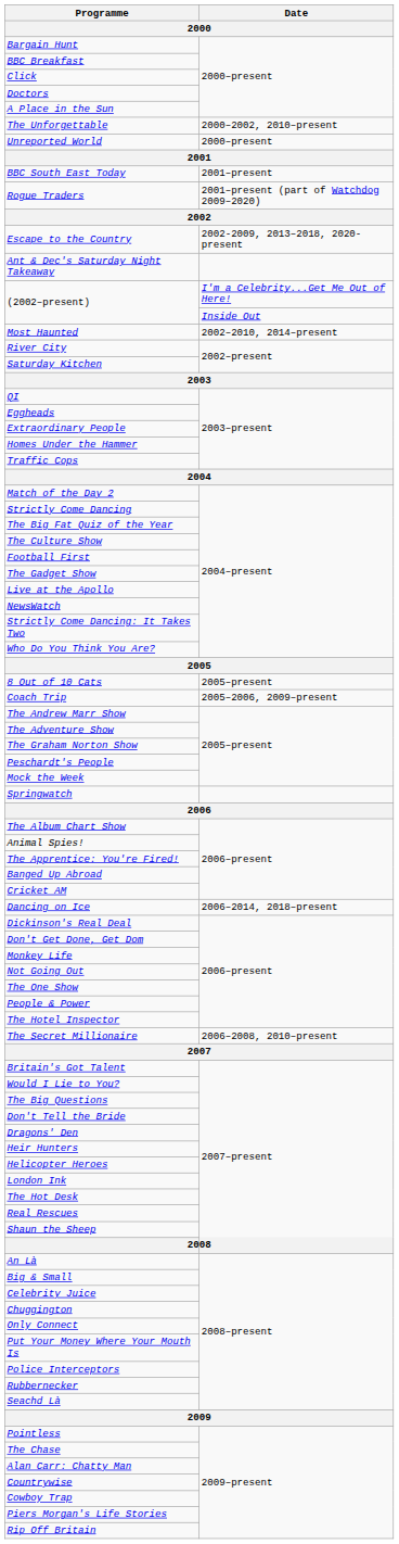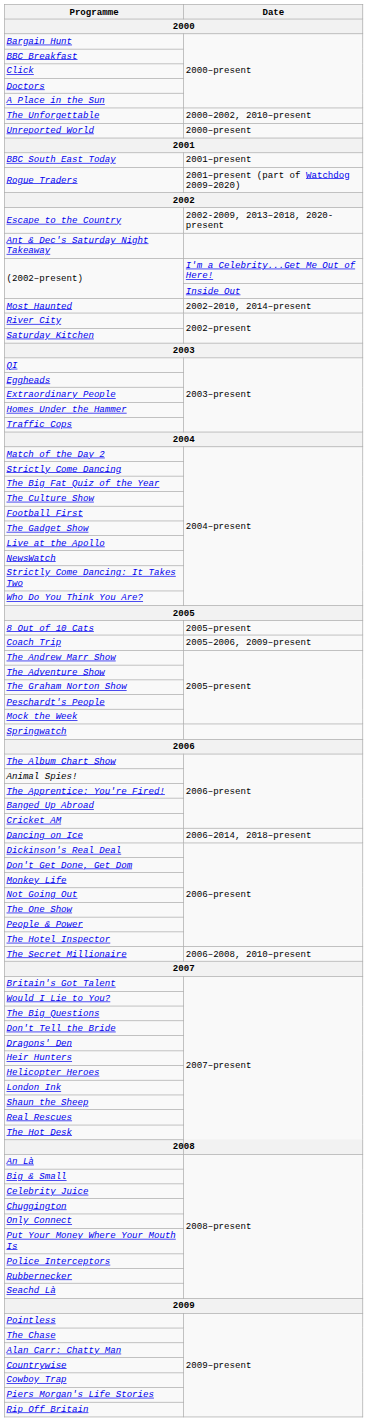 <table class="wikitable">
 <tr>
 <th width=250>Programme</th>
 <th width=250>Date</th>
 </tr>
 <tr>
 <th colspan=2>2000</th>
 </tr>
 <tr>
 <td><em><a href='#'>Bargain Hunt</a></em></td>
 <td rowspan="5">2000–present</td>
 </tr>
 <tr>
 <td><em><a href='#'>BBC Breakfast</a></em></td>
 </tr>
 <tr>
 <td><em><a href='#'>Click</a></em></td>
 </tr>
 <tr>
 <td><em><a href='#'>Doctors</a></em></td>
 </tr>
 <tr>
 <td><em><a href='#'>A Place in the Sun</a></em></td>
 </tr>
 <tr>
 <td><em><a href='#'>The Unforgettable</a></em></td>
 <td>2000–2002, 2010–present</td>
 </tr>
 <tr>
 <td><em><a href='#'>Unreported World</a></em></td>
 <td>2000–present</td>
 </tr>
 <tr>
 <th colspan=2>2001</th>
 </tr>
 <tr>
 <td><em><a href='#'>BBC South East Today</a></em></td>
 <td>2001–present</td>
 </tr>
 <tr>
 <td><em><a href='#'>Rogue Traders</a></em></td>
 <td>2001–present (part of <a href='#'>Watchdog</a> 2009–2020)</td>
 </tr>
 <tr>
 <th colspan=2>2002</th>
 </tr>
 <tr>
 <td><em><a href='#'>Escape to the Country</a></em></td>
 <td>2002-2009, 2013–2018, 2020-present</td>
 </tr>
 <tr>
 <td><em><a href='#'>Ant & Dec's Saturday Night Takeaway</a></em></td>
 </tr>
 <tr>
 <td rowspan="2">(2002–present)</td>
 <td><em><a href='#'>I'm a Celebrity...Get Me Out of Here!</a></em></td>
 </tr>
 <tr>
 <td><em><a href='#'>Inside Out</a></em></td>
 </tr>
 <tr>
 <td><em><a href='#'>Most Haunted</a></em></td>
 <td>2002–2010, 2014–present</td>
 </tr>
 <tr>
 <td><em><a href='#'>River City</a></em></td>
 <td rowspan="2">2002–present</td>
 </tr>
 <tr>
 <td><em><a href='#'>Saturday Kitchen</a></em></td>
 </tr>
 <tr>
 <th colspan=2>2003</th>
 </tr>
 <tr>
 <td><em><a href='#'>QI</a></em></td>
 <td rowspan="5">2003–present</td>
 </tr>
 <tr>
 <td><em><a href='#'>Eggheads</a></em></td>
 </tr>
 <tr>
 <td><em><a href='#'>Extraordinary People</a></em></td>
 </tr>
 <tr>
 <td><em><a href='#'>Homes Under the Hammer</a></em></td>
 </tr>
 <tr>
 <td><em><a href='#'>Traffic Cops</a></em></td>
 </tr>
 <tr>
 <th colspan=2>2004</th>
 </tr>
 <tr>
 <td><em><a href='#'>Match of the Day 2</a></em></td>
 <td rowspan="10">2004–present</td>
 </tr>
 <tr>
 <td><em><a href='#'>Strictly Come Dancing</a></em></td>
 </tr>
 <tr>
 <td><em><a href='#'>The Big Fat Quiz of the Year</a></em></td>
 </tr>
 <tr>
 <td><em><a href='#'>The Culture Show</a></em></td>
 </tr>
 <tr>
 <td><em><a href='#'>Football First</a></em></td>
 </tr>
 <tr>
 <td><em><a href='#'>The Gadget Show</a></em></td>
 </tr>
 <tr>
 <td><em><a href='#'>Live at the Apollo</a></em></td>
 </tr>
 <tr>
 <td><em><a href='#'>NewsWatch</a></em></td>
 </tr>
 <tr>
 <td><em><a href='#'>Strictly Come Dancing: It Takes Two</a></em></td>
 </tr>
 <tr>
 <td><em><a href='#'>Who Do You Think You Are?</a></em></td>
 </tr>
 <tr>
 <th colspan=2>2005</th>
 </tr>
 <tr>
 <td><em><a href='#'>8 Out of 10 Cats</a></em></td>
 <td>2005–present</td>
 </tr>
 <tr>
 <td><em><a href='#'>Coach Trip</a></em></td>
 <td>2005–2006, 2009–present</td>
 </tr>
 <tr>
 <td><em><a href='#'>The Andrew Marr Show</a></em></td>
 <td rowspan="5">2005–present</td>
 </tr>
 <tr>
 <td><em><a href='#'>The Adventure Show</a></em></td>
 </tr>
 <tr>
 <td><em><a href='#'>The Graham Norton Show</a></em></td>
 </tr>
 <tr>
 <td><em><a href='#'>Peschardt's People</a></em></td>
 </tr>
 <tr>
 <td><em><a href='#'>Mock the Week</a></em></td>
 </tr>
 <tr>
 <td><em><a href='#'>Springwatch</a></em></td>
 </tr>
 <tr>
 <th colspan=2>2006</th>
 </tr>
 <tr>
 <td><em><a href='#'>The Album Chart Show</a></em></td>
 <td rowspan="5">2006–present</td>
 </tr>
 <tr>
 <td><em>Animal Spies!</em></td>
 </tr>
 <tr>
 <td><em><a href='#'>The Apprentice: You're Fired!</a></em></td>
 </tr>
 <tr>
 <td><em><a href='#'>Banged Up Abroad</a></em></td>
 </tr>
 <tr>
 <td><em><a href='#'>Cricket AM</a></em></td>
 </tr>
 <tr>
 <td><em><a href='#'>Dancing on Ice</a></em></td>
 <td>2006–2014, 2018–present</td>
 </tr>
 <tr>
 <td><em><a href='#'>Dickinson's Real Deal</a></em></td>
 <td rowspan="7">2006–present</td>
 </tr>
 <tr>
 <td><em><a href='#'>Don't Get Done, Get Dom</a></em></td>
 </tr>
 <tr>
 <td><em><a href='#'>Monkey Life</a></em></td>
 </tr>
 <tr>
 <td><em><a href='#'>Not Going Out</a></em></td>
 </tr>
 <tr>
 <td><em><a href='#'>The One Show</a></em></td>
 </tr>
 <tr>
 <td><em><a href='#'>People & Power</a></em></td>
 </tr>
 <tr>
 <td><em><a href='#'>The Hotel Inspector</a></em></td>
 </tr>
 <tr>
 <td><em><a href='#'>The Secret Millionaire</a></em></td>
 <td>2006–2008, 2010–present</td>
 </tr>
 <tr>
 <th colspan=2>2007</th>
 </tr>
 <tr>
 <td><em><a href='#'>Britain's Got Talent</a></em></td>
 <td rowspan="12">2007–present</td>
 </tr>
 <tr>
 <td><em><a href='#'>Would I Lie to You?</a></em></td>
 </tr>
 <tr>
 <td><em><a href='#'>The Big Questions</a></em></td>
 </tr>
 <tr>
 <td><em><a href='#'>Don't Tell the Bride</a></em></td>
 </tr>
 <tr>
 <td><em><a href='#'>Dragons' Den</a></em></td>
 </tr>
 <tr>
 <td><em><a href='#'>Heir Hunters</a></em></td>
 </tr>
 <tr>
 <td><em><a href='#'>Helicopter Heroes</a></em></td>
 </tr>
 <tr>
 <td><em><a href='#'>London Ink</a></em></td>
 </tr>
 <tr>
-<td><em><a href='#'>The Hot Desk</a></em></td>
+<td><em><a href='#'>Shaun the Sheep</a></em></td>
 </tr>
 <tr>
 <td><em><a href='#'>Real Rescues</a></em></td>
 </tr>
 <tr>
-<td><em><a href='#'>Shaun the Sheep</a></em></td>
+<td><em><a href='#'>The Hot Desk</a></em></td>
 </tr>
 <tr>
 <th colspan=2>2008</th>
 </tr>
 <tr>
 <td><em><a href='#'>An Là</a></em></td>
 <td rowspan="9">2008–present</td>
 </tr>
 <tr>
 <td><em><a href='#'>Big & Small</a></em></td>
 </tr>
 <tr>
 <td><em><a href='#'>Celebrity Juice</a></em></td>
 </tr>
 <tr>
 <td><em><a href='#'>Chuggington</a></em></td>
 </tr>
 <tr>
 <td><em><a href='#'>Only Connect</a></em></td>
 </tr>
 <tr>
 <td><em><a href='#'>Put Your Money Where Your Mouth Is</a></em></td>
 </tr>
 <tr>
 <td><em><a href='#'>Police Interceptors</a></em></td>
 </tr>
 <tr>
 <td><em><a href='#'>Rubbernecker</a></em></td>
 </tr>
 <tr>
 <td><em><a href='#'>Seachd Là</a></em></td>
 </tr>
 <tr>
 <th colspan=2>2009</th>
 </tr>
 <tr>
 <td><em><a href='#'>Pointless</a></em></td>
 <td rowspan="7">2009–present</td>
 </tr>
 <tr>
 <td><em><a href='#'>The Chase</a></em></td>
 </tr>
 <tr>
 <td><em><a href='#'>Alan Carr: Chatty Man</a></em></td>
 </tr>
 <tr>
 <td><em><a href='#'>Countrywise</a></em></td>
 </tr>
 <tr>
 <td><em><a href='#'>Cowboy Trap</a></em></td>
 </tr>
 <tr>
 <td><em><a href='#'>Piers Morgan's Life Stories</a></em></td>
 </tr>
 <tr>
 <td><em><a href='#'>Rip Off Britain</a></em></td>
 </tr>
 </table>
